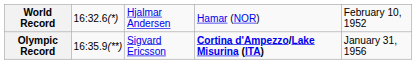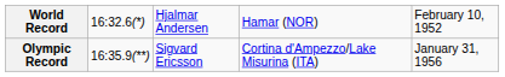 <table class="wikitable" style="font-size:95%;">
 <tr>
 <th>World Record</th>
 <td>16:32.6<em>(*)</em></td>
 <td> <a href='#'>Hjalmar Andersen</a></td>
 <td><a href='#'>Hamar</a> (<a href='#'>NOR</a>)</td>
 <td>February 10, 1952</td>
 </tr>
 <tr>
 <th>Olympic Record</th>
 <td>16:35.9<em>(**)</em></td>
 <td> <a href='#'>Sigvard Ericsson</a></td>
-<td><strong><a href='#'>Cortina d'Ampezzo</a>/<a href='#'>Lake Misurina</a> (<a href='#'>ITA</a>)</strong></td>
+<td><a href='#'>Cortina d'Ampezzo</a>/<a href='#'>Lake Misurina</a> (<a href='#'>ITA</a>)</td>
 <td>January 31, 1956</td>
 </tr>
 </table>
